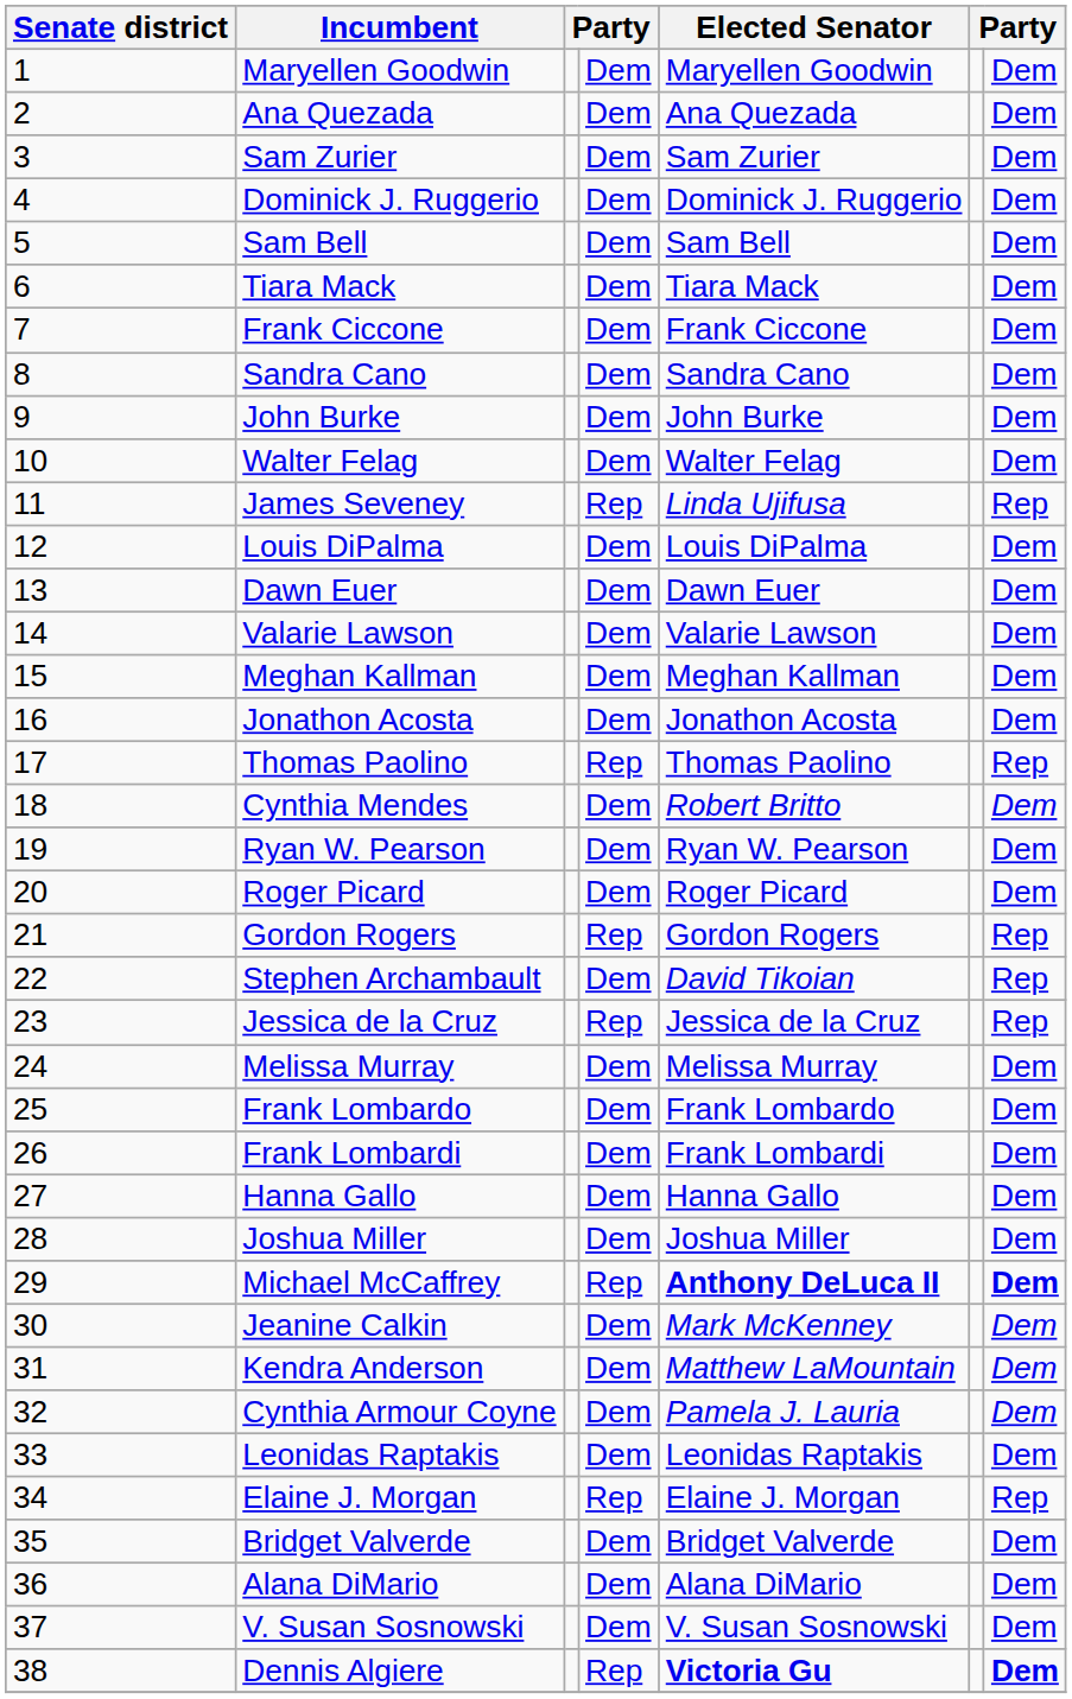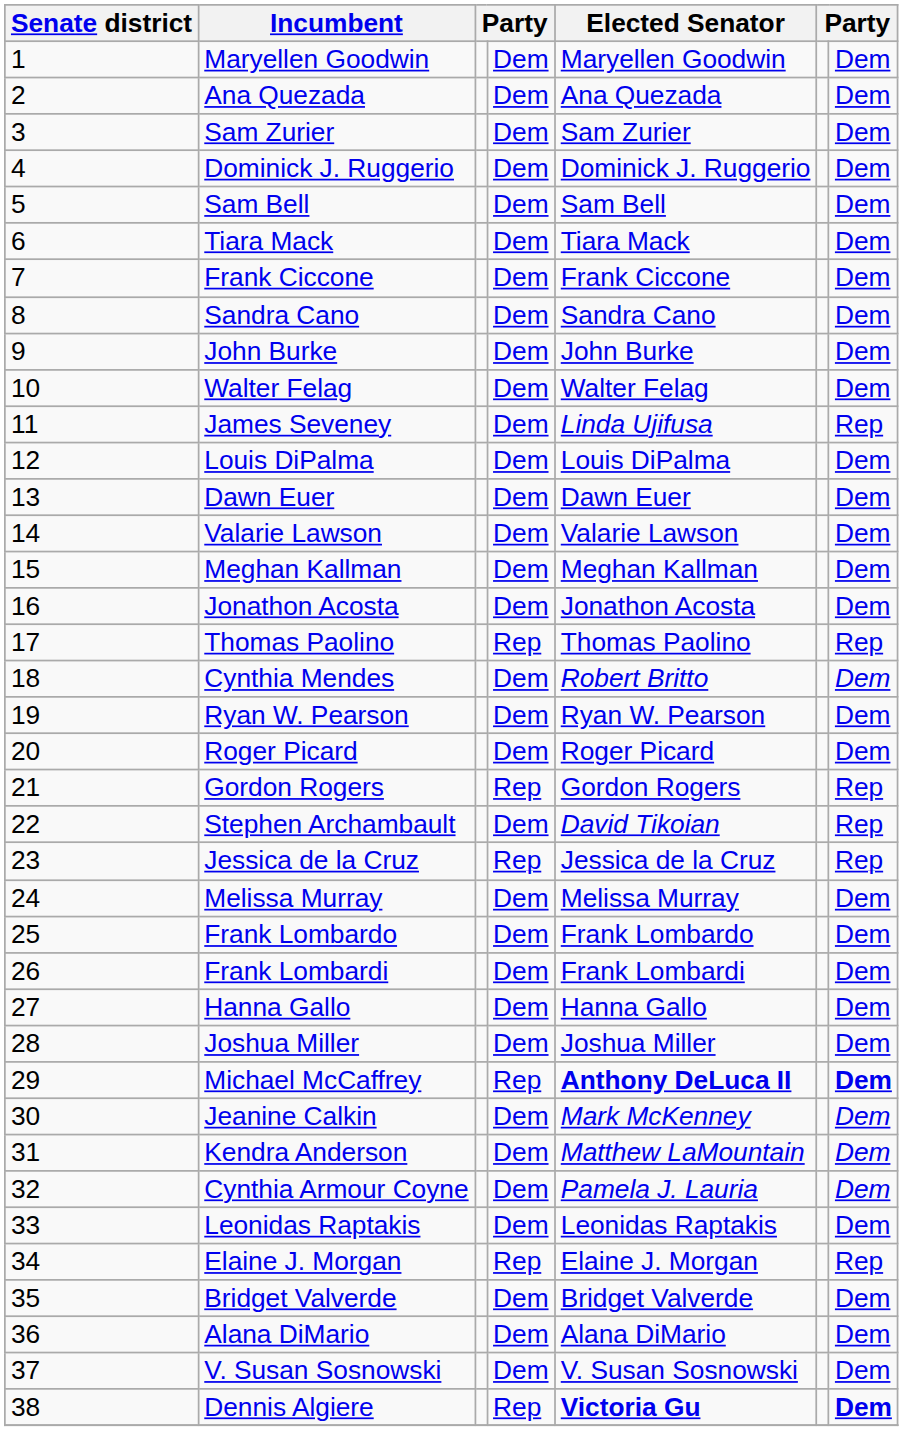 <table class="sortable wikitable" style="font-size:95%;line-height:14px;">
 <tr>
 <th colspan="1" class="sortable"><a href='#'>Senate</a> district</th>
 <th class="unsortable"><a href='#'>Incumbent</a></th>
 <th colspan="2">Party</th>
 <th class="unsortable">Elected Senator</th>
 <th colspan="2">Party</th>
 </tr>
 <tr>
 <td>1</td>
 <td><a href='#'>Maryellen Goodwin</a></td>
 <td style="background:"></td>
 <td><a href='#'>Dem</a></td>
 <td><a href='#'>Maryellen Goodwin</a></td>
 <td style="background:"></td>
 <td><a href='#'>Dem</a></td>
 </tr>
 <tr>
 <td>2</td>
 <td><a href='#'>Ana Quezada</a></td>
 <td style="background:"></td>
 <td><a href='#'>Dem</a></td>
 <td><a href='#'>Ana Quezada</a></td>
 <td style="background:"></td>
 <td><a href='#'>Dem</a></td>
 </tr>
 <tr>
 <td>3</td>
 <td><a href='#'>Sam Zurier</a></td>
 <td style="background:"></td>
 <td><a href='#'>Dem</a></td>
 <td><a href='#'>Sam Zurier</a></td>
 <td style="background:"></td>
 <td><a href='#'>Dem</a></td>
 </tr>
 <tr>
 <td>4</td>
 <td><a href='#'>Dominick J. Ruggerio</a></td>
 <td style="background:"></td>
 <td><a href='#'>Dem</a></td>
 <td><a href='#'>Dominick J. Ruggerio</a></td>
 <td style="background:"></td>
 <td><a href='#'>Dem</a></td>
 </tr>
 <tr>
 <td>5</td>
 <td><a href='#'>Sam Bell</a></td>
 <td style="background:"></td>
 <td><a href='#'>Dem</a></td>
 <td><a href='#'>Sam Bell</a></td>
 <td style="background:"></td>
 <td><a href='#'>Dem</a></td>
 </tr>
 <tr>
 <td>6</td>
 <td><a href='#'>Tiara Mack</a></td>
 <td style="background:"></td>
 <td><a href='#'>Dem</a></td>
 <td><a href='#'>Tiara Mack</a></td>
 <td style="background:"></td>
 <td><a href='#'>Dem</a></td>
 </tr>
 <tr>
 <td>7</td>
 <td><a href='#'>Frank Ciccone</a></td>
 <td style="background:"></td>
 <td><a href='#'>Dem</a></td>
 <td><a href='#'>Frank Ciccone</a></td>
 <td style="background:"></td>
 <td><a href='#'>Dem</a></td>
 </tr>
 <tr>
 <td>8</td>
 <td><a href='#'>Sandra Cano</a></td>
 <td style="background:"></td>
 <td><a href='#'>Dem</a></td>
 <td><a href='#'>Sandra Cano</a></td>
 <td style="background:"></td>
 <td><a href='#'>Dem</a></td>
 </tr>
 <tr>
 <td>9</td>
 <td><a href='#'>John Burke</a></td>
 <td style="background:"></td>
 <td><a href='#'>Dem</a></td>
 <td><a href='#'>John Burke</a></td>
 <td style="background:"></td>
 <td><a href='#'>Dem</a></td>
 </tr>
 <tr>
 <td>10</td>
 <td><a href='#'>Walter Felag</a></td>
 <td style="background:"></td>
 <td><a href='#'>Dem</a></td>
 <td><a href='#'>Walter Felag</a></td>
 <td style="background:"></td>
 <td><a href='#'>Dem</a></td>
 </tr>
 <tr>
 <td>11</td>
 <td><a href='#'>James Seveney</a></td>
 <td style="background:"></td>
-<td><a href='#'>Rep</a></td>
+<td><a href='#'>Dem</a></td>
 <td><em><a href='#'>Linda Ujifusa</a></em></td>
 <td style="background:"></td>
 <td><a href='#'>Rep</a></td>
 </tr>
 <tr>
 <td>12</td>
 <td><a href='#'>Louis DiPalma</a></td>
 <td style="background:"></td>
 <td><a href='#'>Dem</a></td>
 <td><a href='#'>Louis DiPalma</a></td>
 <td style="background:"></td>
 <td><a href='#'>Dem</a></td>
 </tr>
 <tr>
 <td>13</td>
 <td><a href='#'>Dawn Euer</a></td>
 <td style="background:"></td>
 <td><a href='#'>Dem</a></td>
 <td><a href='#'>Dawn Euer</a></td>
 <td style="background:"></td>
 <td><a href='#'>Dem</a></td>
 </tr>
 <tr>
 <td>14</td>
 <td><a href='#'>Valarie Lawson</a></td>
 <td style="background:"></td>
 <td><a href='#'>Dem</a></td>
 <td><a href='#'>Valarie Lawson</a></td>
 <td style="background:"></td>
 <td><a href='#'>Dem</a></td>
 </tr>
 <tr>
 <td>15</td>
 <td><a href='#'>Meghan Kallman</a></td>
 <td style="background:"></td>
 <td><a href='#'>Dem</a></td>
 <td><a href='#'>Meghan Kallman</a></td>
 <td style="background:"></td>
 <td><a href='#'>Dem</a></td>
 </tr>
 <tr>
 <td>16</td>
 <td><a href='#'>Jonathon Acosta</a></td>
 <td style="background:"></td>
 <td><a href='#'>Dem</a></td>
 <td><a href='#'>Jonathon Acosta</a></td>
 <td style="background:"></td>
 <td><a href='#'>Dem</a></td>
 </tr>
 <tr>
 <td>17</td>
 <td><a href='#'>Thomas Paolino</a></td>
 <td style="background:"></td>
 <td><a href='#'>Rep</a></td>
 <td><a href='#'>Thomas Paolino</a></td>
 <td style="background:"></td>
 <td><a href='#'>Rep</a></td>
 </tr>
 <tr>
 <td>18</td>
 <td><a href='#'>Cynthia Mendes</a></td>
 <td style="background:"></td>
 <td><a href='#'>Dem</a></td>
 <td><em><a href='#'>Robert Britto</a></em></td>
 <td style="background:"></td>
 <td><em><a href='#'>Dem</a></em></td>
 </tr>
 <tr>
 <td>19</td>
 <td><a href='#'>Ryan W. Pearson</a></td>
 <td style="background:"></td>
 <td><a href='#'>Dem</a></td>
 <td><a href='#'>Ryan W. Pearson</a></td>
 <td style="background:"></td>
 <td><a href='#'>Dem</a></td>
 </tr>
 <tr>
 <td>20</td>
 <td><a href='#'>Roger Picard</a></td>
 <td style="background:"></td>
 <td><a href='#'>Dem</a></td>
 <td><a href='#'>Roger Picard</a></td>
 <td style="background:"></td>
 <td><a href='#'>Dem</a></td>
 </tr>
 <tr>
 <td>21</td>
 <td><a href='#'>Gordon Rogers</a></td>
 <td style="background:"></td>
 <td><a href='#'>Rep</a></td>
 <td><a href='#'>Gordon Rogers</a></td>
 <td style="background:"></td>
 <td><a href='#'>Rep</a></td>
 </tr>
 <tr>
 <td>22</td>
 <td><a href='#'>Stephen Archambault</a></td>
 <td style="background:"></td>
 <td><a href='#'>Dem</a></td>
 <td><em><a href='#'>David Tikoian</a></em></td>
 <td style="background:"></td>
 <td><a href='#'>Rep</a></td>
 </tr>
 <tr>
 <td>23</td>
 <td><a href='#'>Jessica de la Cruz</a></td>
 <td style="background:"></td>
 <td><a href='#'>Rep</a></td>
 <td><a href='#'>Jessica de la Cruz</a></td>
 <td style="background:"></td>
 <td><a href='#'>Rep</a></td>
 </tr>
 <tr>
 <td>24</td>
 <td><a href='#'>Melissa Murray</a></td>
 <td style="background:"></td>
 <td><a href='#'>Dem</a></td>
 <td><a href='#'>Melissa Murray</a></td>
 <td style="background:"></td>
 <td><a href='#'>Dem</a></td>
 </tr>
 <tr>
 <td>25</td>
 <td><a href='#'>Frank Lombardo</a></td>
 <td style="background:"></td>
 <td><a href='#'>Dem</a></td>
 <td><a href='#'>Frank Lombardo</a></td>
 <td style="background:"></td>
 <td><a href='#'>Dem</a></td>
 </tr>
 <tr>
 <td>26</td>
 <td><a href='#'>Frank Lombardi</a></td>
 <td style="background:"></td>
 <td><a href='#'>Dem</a></td>
 <td><a href='#'>Frank Lombardi</a></td>
 <td style="background:"></td>
 <td><a href='#'>Dem</a></td>
 </tr>
 <tr>
 <td>27</td>
 <td><a href='#'>Hanna Gallo</a></td>
 <td style="background:"></td>
 <td><a href='#'>Dem</a></td>
 <td><a href='#'>Hanna Gallo</a></td>
 <td style="background:"></td>
 <td><a href='#'>Dem</a></td>
 </tr>
 <tr>
 <td>28</td>
 <td><a href='#'>Joshua Miller</a></td>
 <td style="background:"></td>
 <td><a href='#'>Dem</a></td>
 <td><a href='#'>Joshua Miller</a></td>
 <td style="background:"></td>
 <td><a href='#'>Dem</a></td>
 </tr>
 <tr>
 <td>29</td>
 <td><a href='#'>Michael McCaffrey</a></td>
 <td style="background:"></td>
 <td><a href='#'>Rep</a></td>
 <td><strong><a href='#'>Anthony DeLuca II</a></strong></td>
 <td style="background:"></td>
 <td><strong><a href='#'>Dem</a></strong></td>
 </tr>
 <tr>
 <td>30</td>
 <td><a href='#'>Jeanine Calkin</a></td>
 <td style="background:"></td>
 <td><a href='#'>Dem</a></td>
 <td><em><a href='#'>Mark McKenney</a></em></td>
 <td style="background:"></td>
 <td><em><a href='#'>Dem</a></em></td>
 </tr>
 <tr>
 <td>31</td>
 <td><a href='#'>Kendra Anderson</a></td>
 <td style="background:"></td>
 <td><a href='#'>Dem</a></td>
 <td><em><a href='#'>Matthew LaMountain</a></em></td>
 <td style="background:"></td>
 <td><em><a href='#'>Dem</a></em></td>
 </tr>
 <tr>
 <td>32</td>
 <td><a href='#'>Cynthia Armour Coyne</a></td>
 <td style="background:"></td>
 <td><a href='#'>Dem</a></td>
 <td><em><a href='#'>Pamela J. Lauria</a></em></td>
 <td style="background:"></td>
 <td><em><a href='#'>Dem</a></em></td>
 </tr>
 <tr>
 <td>33</td>
 <td><a href='#'>Leonidas Raptakis</a></td>
 <td style="background:"></td>
 <td><a href='#'>Dem</a></td>
 <td><a href='#'>Leonidas Raptakis</a></td>
 <td style="background:"></td>
 <td><a href='#'>Dem</a></td>
 </tr>
 <tr>
 <td>34</td>
 <td><a href='#'>Elaine J. Morgan</a></td>
 <td style="background:"></td>
 <td><a href='#'>Rep</a></td>
 <td><a href='#'>Elaine J. Morgan</a></td>
 <td style="background:"></td>
 <td><a href='#'>Rep</a></td>
 </tr>
 <tr>
 <td>35</td>
 <td><a href='#'>Bridget Valverde</a></td>
 <td style="background:"></td>
 <td><a href='#'>Dem</a></td>
 <td><a href='#'>Bridget Valverde</a></td>
 <td style="background:"></td>
 <td><a href='#'>Dem</a></td>
 </tr>
 <tr>
 <td>36</td>
 <td><a href='#'>Alana DiMario</a></td>
 <td style="background:"></td>
 <td><a href='#'>Dem</a></td>
 <td><a href='#'>Alana DiMario</a></td>
 <td style="background:"></td>
 <td><a href='#'>Dem</a></td>
 </tr>
 <tr>
 <td>37</td>
 <td><a href='#'>V. Susan Sosnowski</a></td>
 <td style="background:"></td>
 <td><a href='#'>Dem</a></td>
 <td><a href='#'>V. Susan Sosnowski</a></td>
 <td style="background:"></td>
 <td><a href='#'>Dem</a></td>
 </tr>
 <tr>
 <td>38</td>
 <td><a href='#'>Dennis Algiere</a></td>
 <td style="background:"></td>
 <td><a href='#'>Rep</a></td>
 <td><strong><a href='#'>Victoria Gu</a></strong></td>
 <td style="background:"></td>
 <td><strong><a href='#'>Dem</a></strong></td>
 </tr>
 <tr>
 </tr>
 </table>
